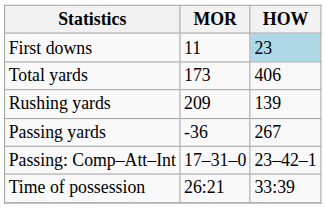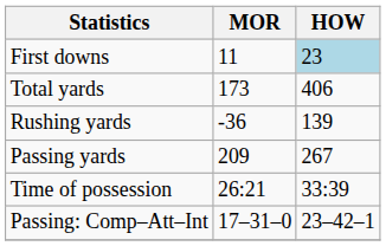 <table class="wikitable" style="float: left;">
 <tr>
 <th>Statistics</th>
 <th>MOR</th>
 <th>HOW</th>
 </tr>
 <tr>
 <td>First downs</td>
 <td>11</td>
 <td style="background: lightblue;">23</td>
 </tr>
 <tr>
 <td>Total yards</td>
 <td>173</td>
 <td>406</td>
 </tr>
 <tr>
 <td>Rushing yards</td>
-<td>209</td>
+<td>-36</td>
 <td>139</td>
 </tr>
 <tr>
 <td>Passing yards</td>
-<td>-36</td>
+<td>209</td>
 <td>267</td>
+</tr>
+<tr>
+<td>Time of possession</td>
+<td>26:21</td>
+<td>33:39</td>
 </tr>
 <tr>
 <td>Passing: Comp–Att–Int</td>
 <td>17–31–0</td>
 <td>23–42–1</td>
 </tr>
 <tr>
-<td>Time of possession</td>
-<td>26:21</td>
-<td>33:39</td>
-</tr>
-<tr>
 </tr>
 </table>
